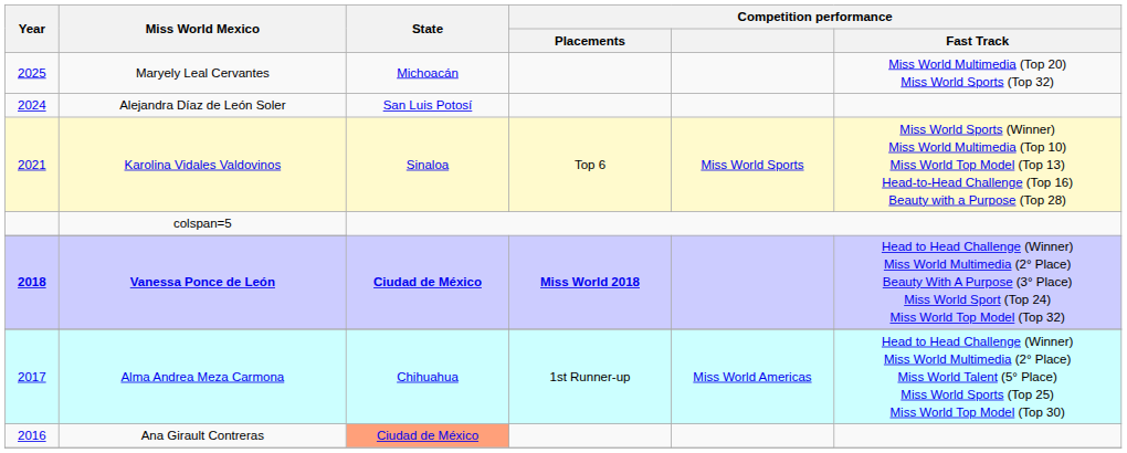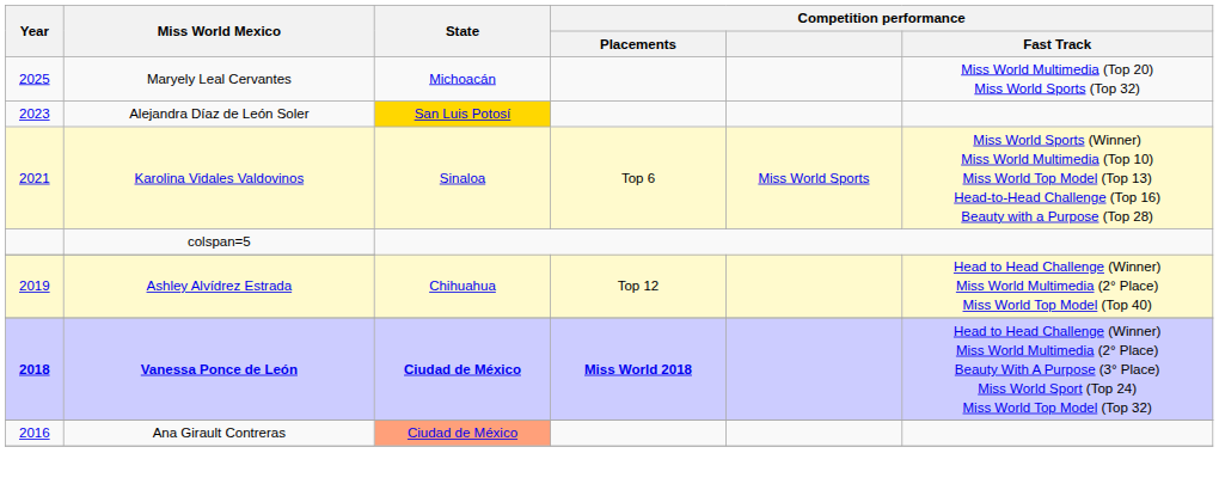 <table class="wikitable" style="text-align:center; line-height:20px; font-size:90%; width:100%;">
 <tr>
 <th rowspan="2"  width=10px>Year</th>
 <th rowspan="2"  width=200px>Miss World Mexico</th>
 <th rowspan="2"  width=110px>State</th>
 <th colspan="3"  width=200px>Competition performance</th>
 </tr>
 <tr>
 <th width=110px>Placements</th>
 <th width=110px></th>
 <th width=200px>Fast Track</th>
 </tr>
 <tr>
 <td align="center"><a href='#'>2025</a></td>
 <td>Maryely Leal Cervantes</td>
 <td><a href='#'>Michoacán</a></td>
 <td></td>
 <td></td>
 <td><a href='#'>Miss World Multimedia</a> (Top 20)<br><a href='#'>Miss World Sports</a> (Top 32)</td>
 </tr>
 <tr>
-<td align="center"><a href='#'>2024</a></td>
+<td align="center"><a href='#'>2023</a></td>
 <td>Alejandra Díaz de León Soler</td>
-<td><a href='#'>San Luis Potosí</a></td>
+<td style="background: gold;"><a href='#'>San Luis Potosí</a></td>
 <td></td>
 <td></td>
 <td></td>
 </tr>
 <tr style="background-color:#FFFACD">
 <td><a href='#'>2021</a></td>
 <td><a href='#'>Karolina Vidales Valdovinos</a></td>
 <td><a href='#'>Sinaloa</a></td>
 <td>Top 6</td>
 <td><a href='#'>Miss World Sports</a></td>
 <td><a href='#'>Miss World Sports</a> (Winner)<br><a href='#'>Miss World Multimedia</a> (Top 10)<br><a href='#'>Miss World Top Model</a> (Top 13)<br><a href='#'>Head-to-Head Challenge</a> (Top 16)<br><a href='#'>Beauty with a Purpose</a> (Top 28)</td>
 </tr>
 <tr>
 <td></td>
 <td>colspan=5 </td>
 </tr>
 <tr>
 </tr>
+<tr style="background-color:#FFFACD">
+<td><a href='#'>2019</a></td>
+<td><a href='#'>Ashley Alvídrez Estrada</a></td>
+<td><a href='#'>Chihuahua</a></td>
+<td>Top 12</td>
+<td></td>
+<td><a href='#'>Head to Head Challenge</a> (Winner)<br><a href='#'>Miss World Multimedia</a> (2° Place)<br><a href='#'>Miss World Top Model</a> (Top 40)</td>
+</tr>
 <tr>
 </tr>
 <tr style="background-color:#ccccff">
 <td><strong><a href='#'>2018</a></strong></td>
 <td><strong><a href='#'>Vanessa Ponce de León</a></strong></td>
 <td><strong><a href='#'>Ciudad de México</a></strong></td>
 <td><strong><a href='#'>Miss World 2018</a></strong></td>
 <td></td>
 <td><a href='#'>Head to Head Challenge</a> (Winner)<br><a href='#'>Miss World Multimedia</a> (2° Place)<br><a href='#'>Beauty With A Purpose</a> (3° Place)<br><a href='#'>Miss World Sport</a> (Top 24)<br><a href='#'>Miss World Top Model</a> (Top 32)</td>
 </tr>
 <tr>
 </tr>
-<tr style="background-color:#ccffff">
-<td><a href='#'>2017</a></td>
-<td><a href='#'>Alma Andrea Meza Carmona</a></td>
-<td><a href='#'>Chihuahua</a></td>
-<td>1st Runner-up</td>
-<td><a href='#'>Miss World Americas</a></td>
-<td><a href='#'>Head to Head Challenge</a> (Winner)<br><a href='#'>Miss World Multimedia</a> (2° Place)<br><a href='#'>Miss World Talent</a> (5° Place)<br><a href='#'>Miss World Sports</a> (Top 25)<br><a href='#'>Miss World Top Model</a> (Top 30)</td>
-</tr>
 <tr>
 <td><a href='#'>2016</a></td>
 <td>Ana Girault Contreras</td>
 <td style="background: lightsalmon;"><a href='#'>Ciudad de México</a></td>
 <td></td>
 <td></td>
 <td></td>
 </tr>
 <tr>
 </tr>
 </table>
